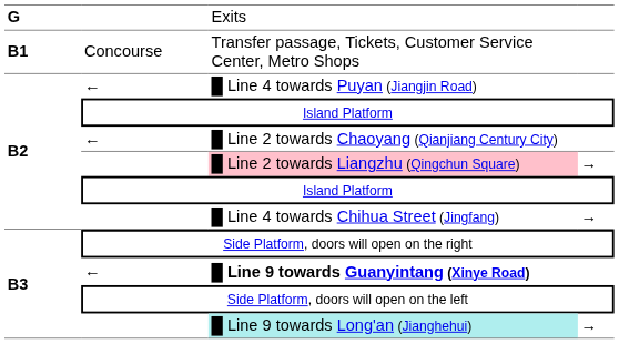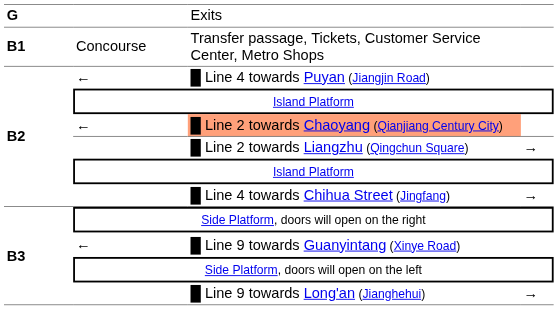 <table table border=0 cellspacing=0 cellpadding=3>
 <tr>
 <td style="border-top:solid 1px gray;border-bottom:solid 1px gray;" width=70><strong>G</strong></td>
 <td style="border-top:solid 1px gray;border-bottom:solid 1px gray;" width=120></td>
 <td style="border-top:solid 1px gray;border-bottom:solid 1px gray;" width=360>Exits</td>
 <td style="border-top:solid 1px gray;border-bottom:solid 1px gray;" width=30></td>
 </tr>
 <tr>
 <td style="border-bottom:solid 1px gray;"><strong>B1</strong></td>
 <td style="border-bottom:solid 1px gray;">Concourse</td>
 <td style="border-bottom:solid 1px gray;">Transfer passage, Tickets, Customer Service Center, Metro Shops</td>
 <td style="border-bottom:solid 1px gray;"></td>
 </tr>
 <tr>
 <td style="border-bottom:solid 1px gray;" rowspan=6><strong>B2</strong></td>
 <td>←</td>
 <td><span>█</span> Line 4 towards <a href='#'>Puyan</a><small> (<a href='#'>Jiangjin Road</a>)</small></td>
 <td></td>
 </tr>
 <tr>
 <td style="border-right:solid 2px black;border-left:solid 2px black;border-top:solid 2px black;border-bottom:solid 2px black;text-align:center;" colspan=3><small><a href='#'>Island Platform</a></small></td>
 </tr>
 <tr>
 <td style="border-bottom:solid 1px gray;">←</td>
-<td style="border-bottom:solid 1px gray;"><span>█</span> Line 2 towards <a href='#'>Chaoyang</a><small> (<a href='#'>Qianjiang Century City</a>)</small></td>
+<td style="background: lightsalmon; border-bottom:solid 1px gray;"><span>█</span> Line 2 towards <a href='#'>Chaoyang</a><small> (<a href='#'>Qianjiang Century City</a>)</small></td>
 <td style="border-bottom:solid 1px gray;"></td>
 </tr>
 <tr>
 <td></td>
-<td style="background: pink; border-bottom:solid 0px gray;"><span>█</span> Line 2 towards <a href='#'>Liangzhu</a><small> (<a href='#'>Qingchun Square</a>)</small></td>
+<td style="border-bottom:solid 0px gray;"><span>█</span> Line 2 towards <a href='#'>Liangzhu</a><small> (<a href='#'>Qingchun Square</a>)</small></td>
 <td style="border-bottom:solid 0px gray;">→</td>
 </tr>
 <tr>
 <td style="border-right:solid 2px black;border-left:solid 2px black;border-top:solid 2px black;border-bottom:solid 2px black;text-align:center;" colspan=3><small><a href='#'>Island Platform</a></small></td>
 </tr>
 <tr>
 <td style="border-bottom:solid 1px gray;"></td>
 <td style="border-bottom:solid 1px gray;"><span>█</span> Line 4 towards <a href='#'>Chihua Street</a><small> (<a href='#'>Jingfang</a>)</small></td>
 <td style="border-bottom:solid 1px gray;">→</td>
 </tr>
 <tr>
 <td style="border-bottom:solid 1px gray;" rowspan="4"><strong>B3</strong></td>
 <td style="border-right:solid 2px black;border-left:solid 2px black;border-top:solid 2px black;border-bottom:solid 2px black;text-align:center;" colspan=3><small><a href='#'>Side Platform</a>, doors will open on the right</small></td>
 </tr>
 <tr>
 <td>←　</td>
-<td><strong><span>█</span> Line 9 towards <a href='#'>Guanyintang</a><small> (<a href='#'>Xinye Road</a>)</small></strong></td>
+<td><span>█</span> Line 9 towards <a href='#'>Guanyintang</a><small> (<a href='#'>Xinye Road</a>)</small></td>
 <td></td>
 </tr>
 <tr>
 <td style="border-right:solid 2px black;border-left:solid 2px black;border-top:solid 2px black;border-bottom:solid 2px black;text-align:center;" colspan=3><small><a href='#'>Side Platform</a>, doors will open on the left</small></td>
 </tr>
 <tr>
 <td style="border-bottom:solid 1px gray;"></td>
-<td style="background: paleturquoise; border-bottom:solid 1px gray;"><span>█</span> Line 9 towards <a href='#'>Long'an</a><small> (<a href='#'>Jianghehui</a>)</small></td>
+<td style="border-bottom:solid 1px gray;"><span>█</span> Line 9 towards <a href='#'>Long'an</a><small> (<a href='#'>Jianghehui</a>)</small></td>
 <td style="border-bottom:solid 1px gray;">→</td>
 </tr>
 </table>
